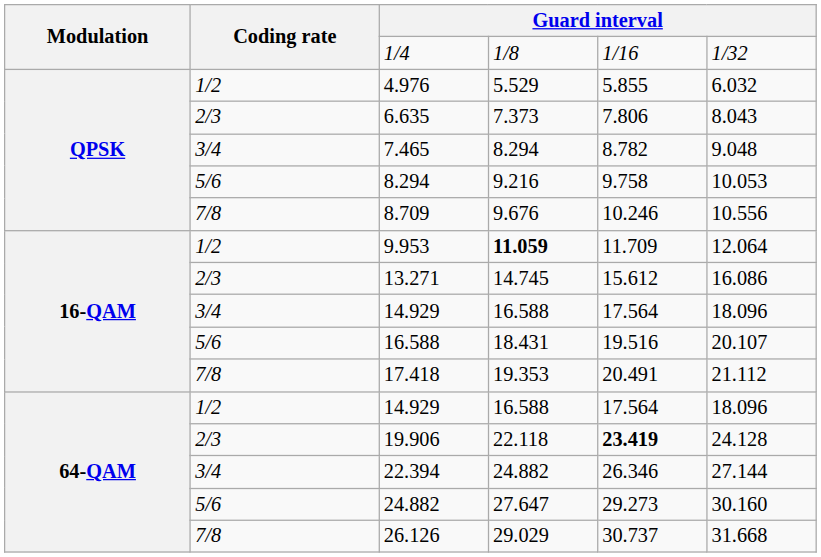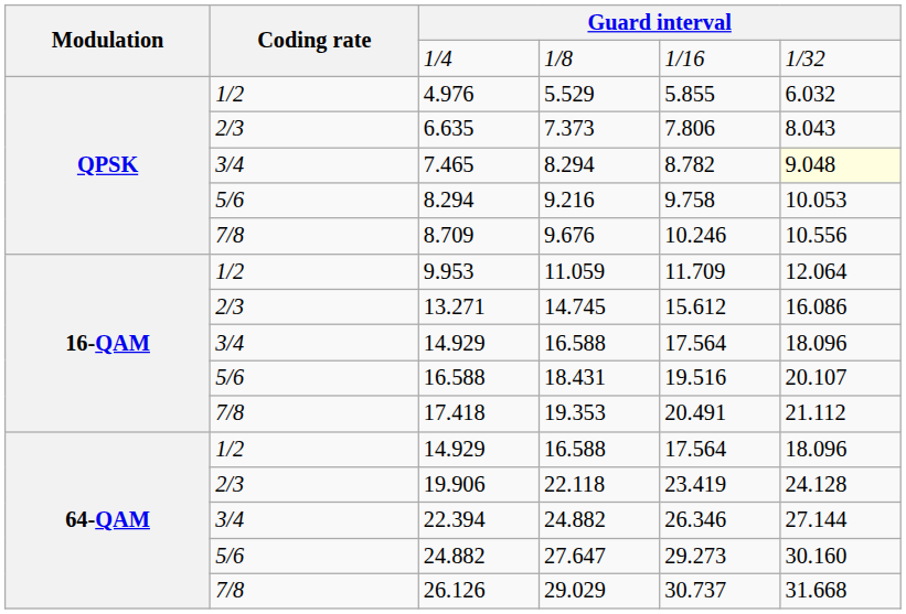 <table class="wikitable" style="width: 40em;">
 <tr>
 <th rowspan="2">Modulation</th>
 <th rowspan="2">Coding rate</th>
 <th colspan="4"><a href='#'>Guard interval</a></th>
 </tr>
 <tr>
 <td><em>1/4</em></td>
 <td><em>1/8</em></td>
 <td><em>1/16</em></td>
 <td><em>1/32</em></td>
 </tr>
 <tr>
 <th rowspan="5"><a href='#'>QPSK</a></th>
 <td><em>1/2</em></td>
 <td>4.976</td>
 <td>5.529</td>
 <td>5.855</td>
 <td>6.032</td>
 </tr>
 <tr>
 <td><em>2/3</em></td>
 <td>6.635</td>
 <td>7.373</td>
 <td>7.806</td>
 <td>8.043</td>
 </tr>
 <tr>
 <td><em>3/4</em></td>
 <td>7.465</td>
 <td>8.294</td>
 <td>8.782</td>
-<td>9.048</td>
+<td style="background: lightyellow;">9.048</td>
 </tr>
 <tr>
 <td><em>5/6</em></td>
 <td>8.294</td>
 <td>9.216</td>
 <td>9.758</td>
 <td>10.053</td>
 </tr>
 <tr>
 <td><em>7/8</em></td>
 <td>8.709</td>
 <td>9.676</td>
 <td>10.246</td>
 <td>10.556</td>
 </tr>
 <tr>
 <th rowspan="5">16-<a href='#'>QAM</a></th>
 <td><em>1/2</em></td>
 <td>9.953</td>
-<td><strong>11.059</strong></td>
+<td>11.059</td>
 <td>11.709</td>
 <td>12.064</td>
 </tr>
 <tr>
 <td><em>2/3</em></td>
 <td>13.271</td>
 <td>14.745</td>
 <td>15.612</td>
 <td>16.086</td>
 </tr>
 <tr>
 <td><em>3/4</em></td>
 <td>14.929</td>
 <td>16.588</td>
 <td>17.564</td>
 <td>18.096</td>
 </tr>
 <tr>
 <td><em>5/6</em></td>
 <td>16.588</td>
 <td>18.431</td>
 <td>19.516</td>
 <td>20.107</td>
 </tr>
 <tr>
 <td><em>7/8</em></td>
 <td>17.418</td>
 <td>19.353</td>
 <td>20.491</td>
 <td>21.112</td>
 </tr>
 <tr>
 <th rowspan="5">64-<a href='#'>QAM</a></th>
 <td><em>1/2</em></td>
 <td>14.929</td>
 <td>16.588</td>
 <td>17.564</td>
 <td>18.096</td>
 </tr>
 <tr>
 <td><em>2/3</em></td>
 <td>19.906</td>
 <td>22.118</td>
-<td><strong>23.419</strong></td>
+<td>23.419</td>
 <td>24.128</td>
 </tr>
 <tr>
 <td><em>3/4</em></td>
 <td>22.394</td>
 <td>24.882</td>
 <td>26.346</td>
 <td>27.144</td>
 </tr>
 <tr>
 <td><em>5/6</em></td>
 <td>24.882</td>
 <td>27.647</td>
 <td>29.273</td>
 <td>30.160</td>
 </tr>
 <tr>
 <td><em>7/8</em></td>
 <td>26.126</td>
 <td>29.029</td>
 <td>30.737</td>
 <td>31.668</td>
 </tr>
 </table>
